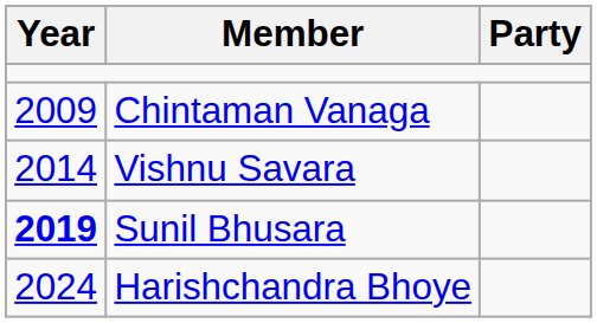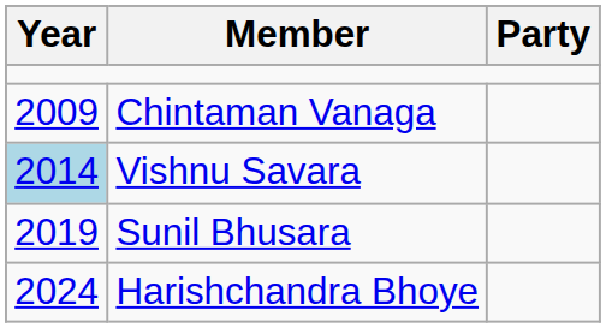 <table class="wikitable">
 <tr>
 <th>Year</th>
 <th>Member</th>
 <th colspan="2">Party</th>
 </tr>
 <tr>
 <td colspan="4"></td>
 </tr>
 <tr>
 <td><a href='#'>2009</a></td>
 <td><a href='#'>Chintaman Vanaga</a></td>
 <td></td>
 </tr>
 <tr>
-<td><a href='#'>2014</a></td>
+<td style="background: lightblue;"><a href='#'>2014</a></td>
 <td><a href='#'>Vishnu Savara</a></td>
 </tr>
 <tr>
-<td><strong><a href='#'>2019</a></strong></td>
+<td><a href='#'>2019</a></td>
 <td><a href='#'>Sunil Bhusara</a></td>
 <td></td>
 </tr>
 <tr>
 <td><a href='#'>2024</a></td>
 <td><a href='#'>Harishchandra Bhoye</a></td>
 <td></td>
 </tr>
 </table>
